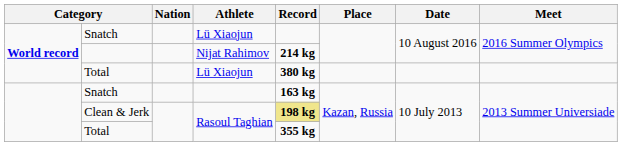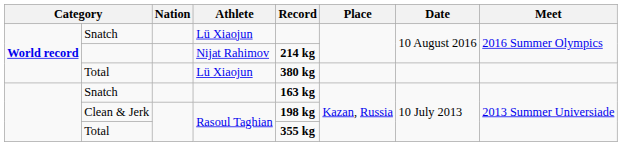 <table class="wikitable" style="text-align:center;">
 <tr>
 <th colspan="2">Category</th>
 <th>Nation</th>
 <th>Athlete</th>
 <th>Record</th>
 <th>Place</th>
 <th>Date</th>
 <th>Meet</th>
 </tr>
 <tr>
 <td rowspan="3"><strong><a href='#'>World record</a></strong></td>
 <td align="left">Snatch</td>
 <td align="left"></td>
 <td align="left"><a href='#'>Lü Xiaojun</a></td>
 <td><strong></strong></td>
 <td align="left" rowspan="2"></td>
 <td align="left" rowspan="2">10 August 2016</td>
 <td align="left" rowspan="2"><a href='#'>2016 Summer Olympics</a></td>
 </tr>
 <tr>
 <td align="left"></td>
 <td align="left"></td>
 <td align="left"><a href='#'>Nijat Rahimov</a></td>
 <td><strong>214 kg</strong></td>
 </tr>
 <tr>
 <td align="left">Total</td>
 <td align="left"></td>
 <td align="left"><a href='#'>Lü Xiaojun</a></td>
 <td><strong>380 kg</strong></td>
 <td align="left"></td>
 <td align="left"></td>
 <td align="left"></td>
 </tr>
 <tr>
 <td rowspan="3"><strong></strong></td>
 <td align="left">Snatch</td>
 <td align="left"></td>
 <td align="left"></td>
 <td><strong>163 kg</strong></td>
 <td align="left" rowspan="3"><a href='#'>Kazan</a>, <a href='#'>Russia</a></td>
 <td align="left" rowspan="3">10 July 2013</td>
 <td align="left" rowspan="3"><a href='#'>2013 Summer Universiade</a></td>
 </tr>
 <tr>
 <td align="left">Clean & Jerk</td>
 <td align="left" rowspan="2"></td>
 <td align="left" rowspan="2"><a href='#'>Rasoul Taghian</a></td>
-<td style="background: khaki;"><strong>198 kg</strong></td>
+<td><strong>198 kg</strong></td>
 </tr>
 <tr>
 <td align="left">Total</td>
 <td><strong>355 kg</strong></td>
 </tr>
 </table>
